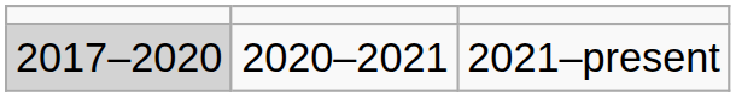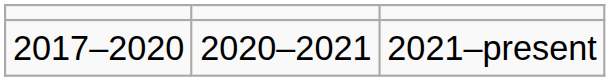 <table class="wikitable" style="text-align:center">
 <tr>
 <td></td>
 <td></td>
 <td></td>
 </tr>
 <tr>
-<td style="background: lightgrey;">2017–2020</td>
+<td>2017–2020</td>
 <td>2020–2021</td>
 <td>2021–present</td>
 </tr>
 </table>
